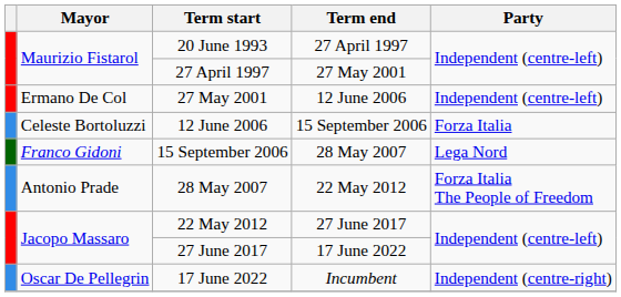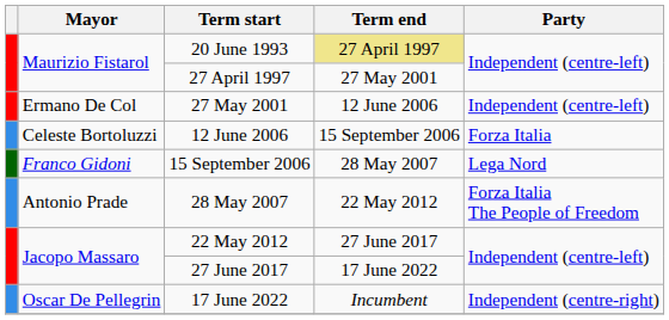 <table class="wikitable">
 <tr>
 <th class=unsortable> </th>
 <th>Mayor</th>
 <th>Term start</th>
 <th>Term end</th>
 <th>Party</th>
 </tr>
 <tr>
 <th rowspan=2 style="background:#FF0000;"></th>
 <td rowspan=2><a href='#'>Maurizio Fistarol</a></td>
 <td align=center>20 June 1993</td>
-<td align=center>27 April 1997</td>
+<td align=center style="background: khaki;">27 April 1997</td>
 <td rowspan=2><a href='#'>Independent</a> (<a href='#'>centre-left</a>)</td>
 </tr>
 <tr>
 <td align=center>27 April 1997</td>
 <td align=center>27 May 2001</td>
 </tr>
 <tr>
 <th style="background:#FF0000;"></th>
 <td>Ermano De Col</td>
 <td align=center>27 May 2001</td>
 <td align=center>12 June 2006</td>
 <td><a href='#'>Independent</a> (<a href='#'>centre-left</a>)</td>
 </tr>
 <tr>
 <th style="background:#318CE7;"></th>
 <td>Celeste Bortoluzzi</td>
 <td align=center>12 June 2006</td>
 <td align=center>15 September 2006</td>
 <td><a href='#'>Forza Italia</a></td>
 </tr>
 <tr>
 <th style="background:#006400;"></th>
 <td><em><a href='#'>Franco Gidoni</a></em></td>
 <td align=center>15 September 2006</td>
 <td align=center>28 May 2007</td>
 <td><a href='#'>Lega Nord</a></td>
 </tr>
 <tr>
 <th style="background:#318CE7;"></th>
 <td>Antonio Prade</td>
 <td align=center>28 May 2007</td>
 <td align=center>22 May 2012</td>
 <td><a href='#'>Forza Italia</a><br><a href='#'>The People of Freedom</a></td>
 </tr>
 <tr>
 <th rowspan=2 style="background:#FF0000;"></th>
 <td rowspan=2><a href='#'>Jacopo Massaro</a></td>
 <td align=center>22 May 2012</td>
 <td align=center>27 June 2017</td>
 <td rowspan=2><a href='#'>Independent</a> (<a href='#'>centre-left</a>)</td>
 </tr>
 <tr>
 <td align=center>27 June 2017</td>
 <td align=center>17 June 2022</td>
 </tr>
 <tr>
 <th style="background:#318CE7;"></th>
 <td><a href='#'>Oscar De Pellegrin</a></td>
 <td align=center>17 June 2022</td>
 <td align=center><em>Incumbent</em></td>
 <td><a href='#'>Independent</a> (<a href='#'>centre-right</a>)</td>
 </tr>
 <tr>
 </tr>
 </table>
